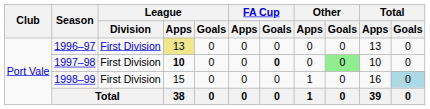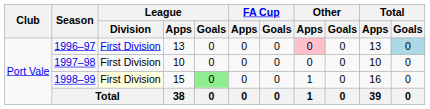 <table class="wikitable" style="text-align:center">
 <tr>
 <th rowspan="2">Club</th>
 <th rowspan="2">Season</th>
 <th colspan="3">League</th>
 <th colspan="2"><a href='#'>FA Cup</a></th>
 <th colspan="2">Other</th>
 <th colspan="2">Total</th>
 </tr>
 <tr>
 <th>Division</th>
 <th>Apps</th>
 <th>Goals</th>
 <th>Apps</th>
 <th>Goals</th>
 <th>Apps</th>
 <th>Goals</th>
 <th>Apps</th>
 <th>Goals</th>
 </tr>
 <tr>
 <td rowspan="4"><a href='#'>Port Vale</a></td>
 <td><a href='#'>1996–97</a></td>
 <td><a href='#'>First Division</a></td>
-<td style="background: khaki;">13</td>
+<td>13</td>
+<td>0</td>
+<td>0</td>
+<td>0</td>
+<td style="background: pink;">0</td>
+<td>0</td>
+<td>13</td>
+<td style="background: lightblue;">0</td>
+</tr>
+<tr>
+<td><a href='#'>1997–98</a></td>
+<td>First Division</td>
+<td>10</td>
 <td>0</td>
 <td>0</td>
 <td>0</td>
 <td>0</td>
 <td>0</td>
-<td>13</td>
-<td>0</td>
-</tr>
-<tr>
-<td><a href='#'>1997–98</a></td>
-<td>First Division</td>
-<td><strong>10</strong></td>
-<td>0</td>
-<td>0</td>
-<td><strong>0</strong></td>
-<td>0</td>
-<td style="background: lightgreen;">0</td>
 <td>10</td>
 <td>0</td>
 </tr>
 <tr>
 <td><a href='#'>1998–99</a></td>
-<td>First Division</td>
+<td style="background: lightyellow;">First Division</td>
 <td>15</td>
-<td>0</td>
+<td style="background: lightgreen;">0</td>
 <td>0</td>
 <td>0</td>
 <td>1</td>
 <td>0</td>
 <td>16</td>
-<td style="background: lightblue;">0</td>
+<td>0</td>
 </tr>
 <tr>
 <th colspan="2">Total</th>
 <th>38</th>
 <th>0</th>
 <th>0</th>
 <th>0</th>
 <th>1</th>
 <th>0</th>
 <th>39</th>
 <th>0</th>
 </tr>
 </table>
